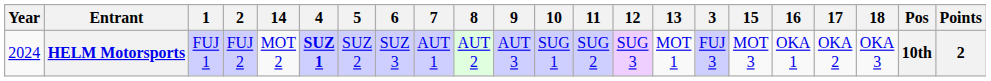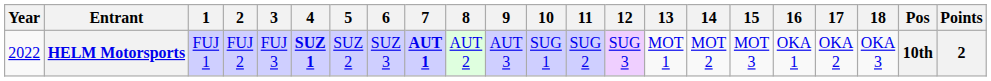 <table class="wikitable" style="text-align:center; font-size:85%">
 <tr>
 <th>Year</th>
 <th>Entrant</th>
 <th>1</th>
 <th>2</th>
-<th>14</th>
+<th>3</th>
 <th>4</th>
 <th>5</th>
 <th>6</th>
 <th>7</th>
 <th>8</th>
 <th>9</th>
 <th>10</th>
 <th>11</th>
 <th>12</th>
 <th>13</th>
-<th>3</th>
+<th>14</th>
 <th>15</th>
 <th>16</th>
 <th>17</th>
 <th>18</th>
 <th>Pos</th>
 <th>Points</th>
 </tr>
 <tr>
-<td><a href='#'>2024</a></td>
+<td><a href='#'>2022</a></td>
 <th nowrap><a href='#'>HELM Motorsports</a></th>
 <td style="background:#CFCFFF"><a href='#'>FUJ<br>1</a><br></td>
 <td style="background:#CFCFFF"><a href='#'>FUJ<br>2</a><br></td>
-<td style="background:#"><a href='#'>MOT<br>2</a><br></td>
+<td style="background:#CFCFFF"><a href='#'>FUJ<br>3</a><br></td>
 <td style="background:#CFCFFF"><strong><a href='#'>SUZ<br>1</a><br></strong></td>
 <td style="background:#CFCFFF"><a href='#'>SUZ<br>2</a><br></td>
 <td style="background:#CFCFFF"><a href='#'>SUZ<br>3</a><br></td>
-<td style="background:#CFCFFF"><a href='#'>AUT<br>1</a><br></td>
+<td style="background:#CFCFFF"><strong><a href='#'>AUT<br>1</a><br></strong></td>
 <td style="background:#DFFFDF"><a href='#'>AUT<br>2</a><br></td>
 <td style="background:#CFCFFF"><a href='#'>AUT<br>3</a><br></td>
 <td style="background:#CFCFFF"><a href='#'>SUG<br>1</a><br></td>
 <td style="background:#CFCFFF"><a href='#'>SUG<br>2</a><br></td>
 <td style="background:#EFCFFF"><a href='#'>SUG<br>3</a><br></td>
 <td style="background:#"><a href='#'>MOT<br>1</a><br></td>
-<td style="background:#CFCFFF"><a href='#'>FUJ<br>3</a><br></td>
+<td style="background:#"><a href='#'>MOT<br>2</a><br></td>
 <td style="background:#"><a href='#'>MOT<br>3</a><br></td>
 <td style="background:#"><a href='#'>OKA<br>1</a></td>
 <td style="background:#"><a href='#'>OKA<br>2</a></td>
 <td style="background:#"><a href='#'>OKA<br>3</a></td>
 <th>10th</th>
 <th>2</th>
 </tr>
 </table>
